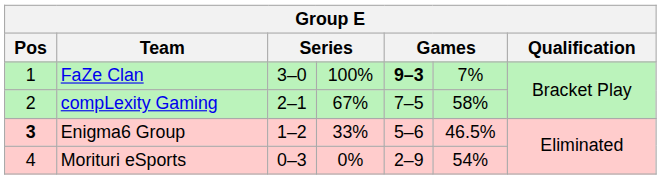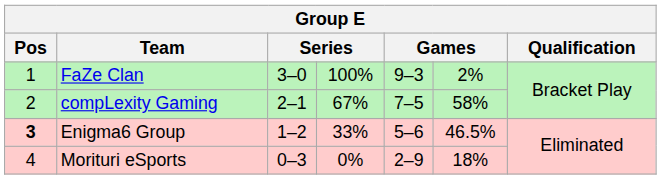 <table class="wikitable" style="display: inline-table;width: 46.5%;">
 <tr>
 <th colspan="7">Group E</th>
 </tr>
 <tr>
 <th>Pos</th>
 <th>Team</th>
 <th colspan="2">Series</th>
 <th colspan="2">Games</th>
 <th>Qualification</th>
 </tr>
 <tr>
 <td style="text-align:center; background:#BBF3BB;">1</td>
 <td style="text-align:left; background:#BBF3BB;"><a href='#'>FaZe Clan</a></td>
 <td style="text-align:center; background:#BBF3BB;">3–0</td>
 <td style="text-align:center; background:#BBF3BB;">100%</td>
-<td style="text-align:center; background:#BBF3BB;"><strong>9–3</strong></td>
-<td style="text-align:center; background:#BBF3BB;">7%</td>
+<td style="text-align:center; background:#BBF3BB;">9–3</td>
+<td style="text-align:center; background:#BBF3BB;">2%</td>
 <td style="text-align:center; background:#BBF3BB;" rowspan="2">Bracket Play</td>
 </tr>
 <tr>
 <td style="text-align:center; background:#BBF3BB;">2</td>
 <td style="text-align:left; background:#BBF3BB;"><a href='#'>compLexity Gaming</a></td>
 <td style="text-align:center; background:#BBF3BB;">2–1</td>
 <td style="text-align:center; background:#BBF3BB;">67%</td>
 <td style="text-align:center; background:#BBF3BB;">7–5</td>
 <td style="text-align:center; background:#BBF3BB;">58%</td>
 </tr>
 <tr>
 <td style="text-align:center; background:#FFCCCC;"><strong>3</strong></td>
 <td style="text-align:left; background:#FFCCCC;">Enigma6 Group</td>
 <td style="text-align:center; background:#FFCCCC;">1–2</td>
 <td style="text-align:center; background:#FFCCCC;">33%</td>
 <td style="text-align:center; background:#FFCCCC;">5–6</td>
 <td style="text-align:center; background:#FFCCCC;">46.5%</td>
 <td style="text-align:center; background:#FFCCCC;" rowspan="2">Eliminated</td>
 </tr>
 <tr>
 <td style="text-align:center; background:#FFCCCC;">4</td>
 <td style="text-align:left; background:#FFCCCC;">Morituri eSports</td>
 <td style="text-align:center; background:#FFCCCC;">0–3</td>
 <td style="text-align:center; background:#FFCCCC;">0%</td>
 <td style="text-align:center; background:#FFCCCC;">2–9</td>
-<td style="text-align:center; background:#FFCCCC;">54%</td>
+<td style="text-align:center; background:#FFCCCC;">18%</td>
 </tr>
 </table>
